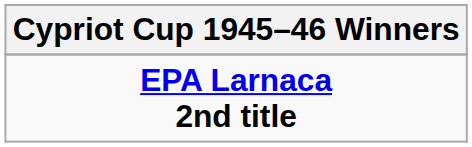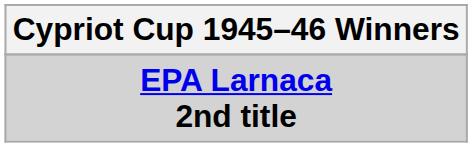 <table class="wikitable" style="text-align:center;margin: 0 auto;">
 <tr>
 <th>Cypriot Cup 1945–46 Winners</th>
 </tr>
 <tr>
 </tr>
 <tr>
-<td><strong><a href='#'>EPA Larnaca</a></strong><br><strong>2nd title</strong></td>
+<td style="background: lightgrey;"><strong><a href='#'>EPA Larnaca</a></strong><br><strong>2nd title</strong></td>
 </tr>
 </table>
